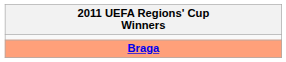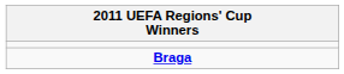 <table class="wikitable" style="text-align: center; margin: 0 auto; width: 20%">
 <tr>
 <th>2011 UEFA Regions' Cup<br>Winners</th>
 </tr>
 <tr>
 <td></td>
 </tr>
 <tr>
-<td style="background: lightsalmon;"><strong><a href='#'>Braga</a></strong></td>
+<td><strong><a href='#'>Braga</a></strong></td>
 </tr>
 </table>
